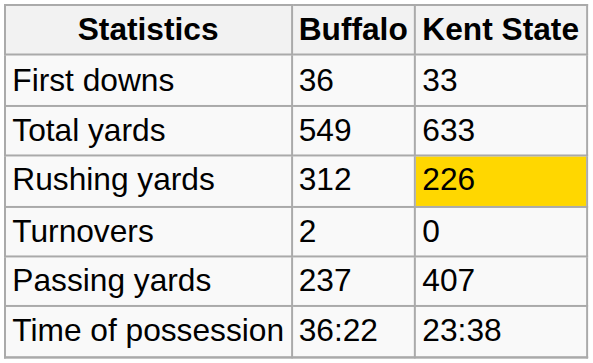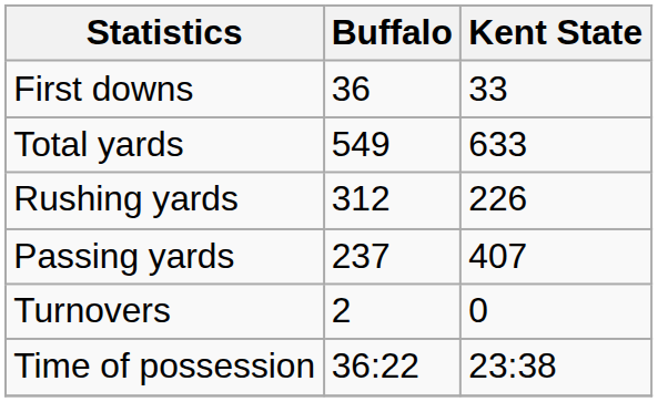 <table class="wikitable">
 <tr>
 <th>Statistics</th>
 <th>Buffalo</th>
 <th>Kent State</th>
 </tr>
 <tr>
 <td>First downs</td>
 <td>36</td>
 <td>33</td>
 </tr>
 <tr>
 <td>Total yards</td>
 <td>549</td>
 <td>633</td>
 </tr>
 <tr>
 <td>Rushing yards</td>
 <td>312</td>
-<td style="background: gold;">226</td>
+<td>226</td>
+</tr>
+<tr>
+<td>Passing yards</td>
+<td>237</td>
+<td>407</td>
 </tr>
 <tr>
 <td>Turnovers</td>
 <td>2</td>
 <td>0</td>
-</tr>
-<tr>
-<td>Passing yards</td>
-<td>237</td>
-<td>407</td>
 </tr>
 <tr>
 <td>Time of possession</td>
 <td>36:22</td>
 <td>23:38</td>
 </tr>
 <tr>
 </tr>
 </table>
